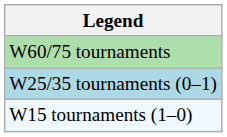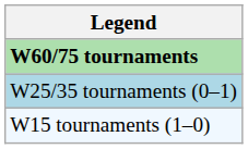 <table class="wikitable" style="font-size:85%">
 <tr>
 <th>Legend</th>
 </tr>
 <tr style="background:#addfad;">
-<td>W60/75 tournaments</td>
+<td><strong>W60/75 tournaments</strong></td>
 </tr>
 <tr style="background:lightblue;">
 <td>W25/35 tournaments (0–1)</td>
 </tr>
 <tr style="background:#f0f8ff;">
 <td>W15 tournaments (1–0)</td>
 </tr>
 </table>
